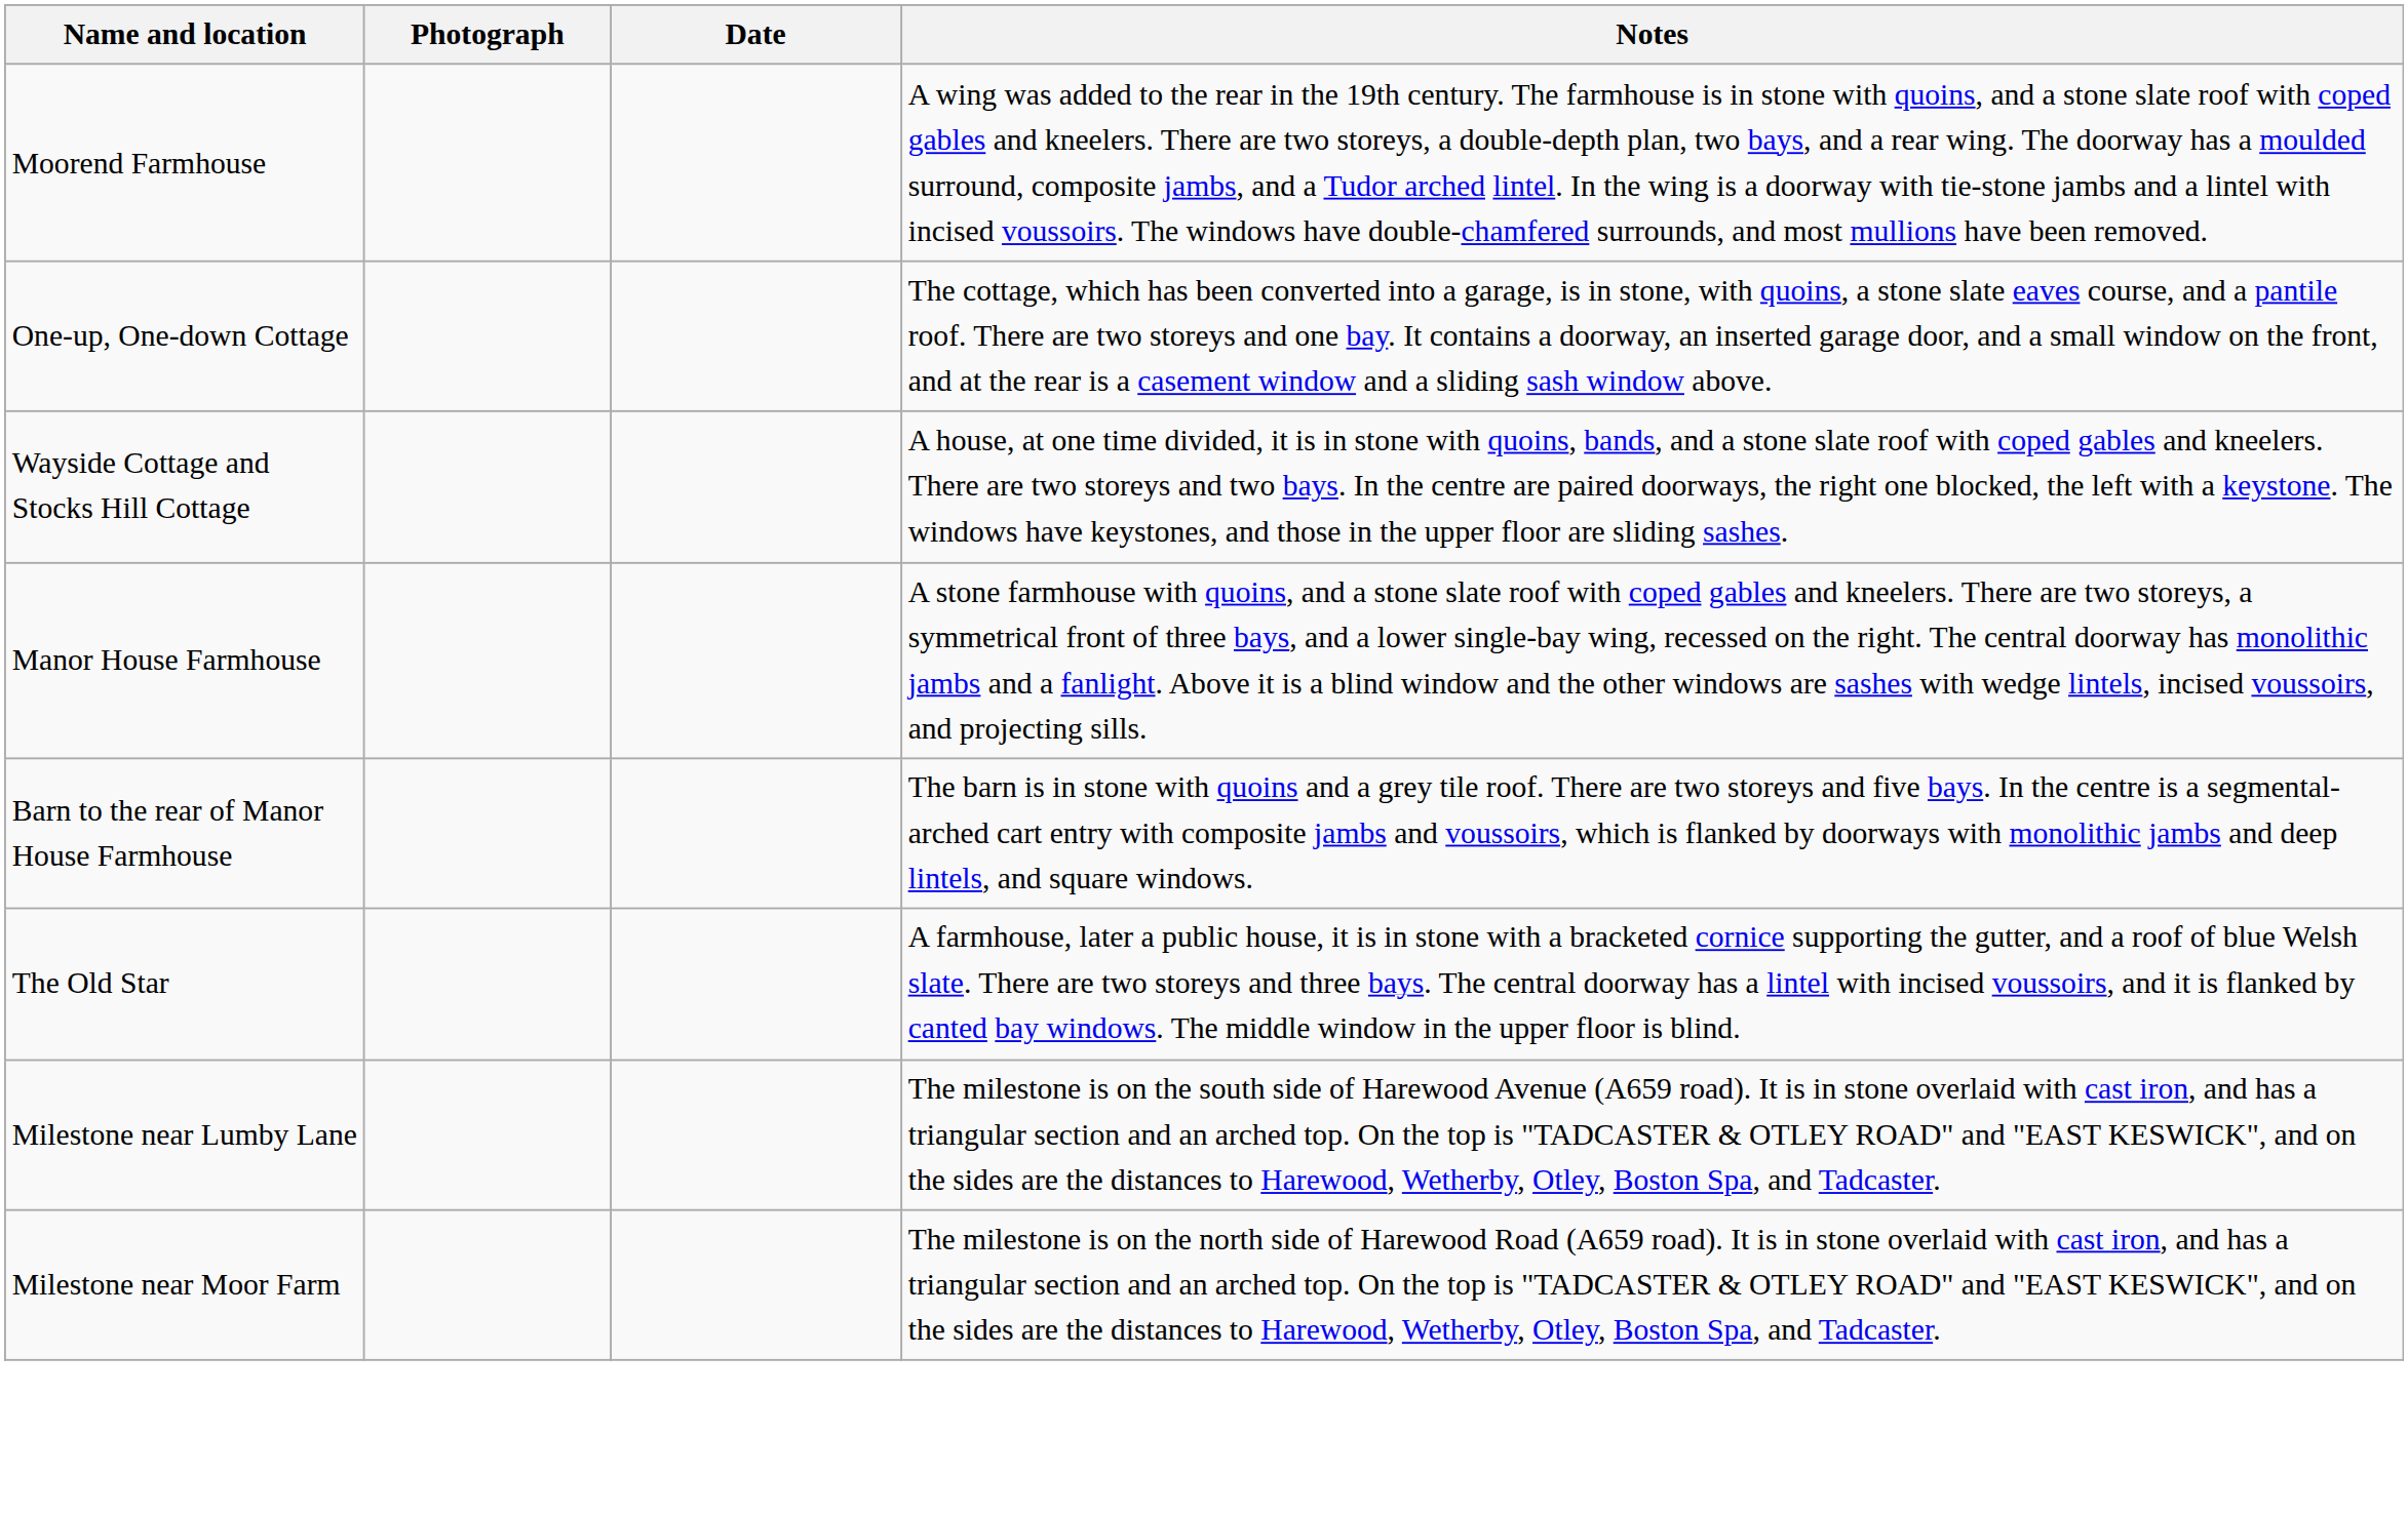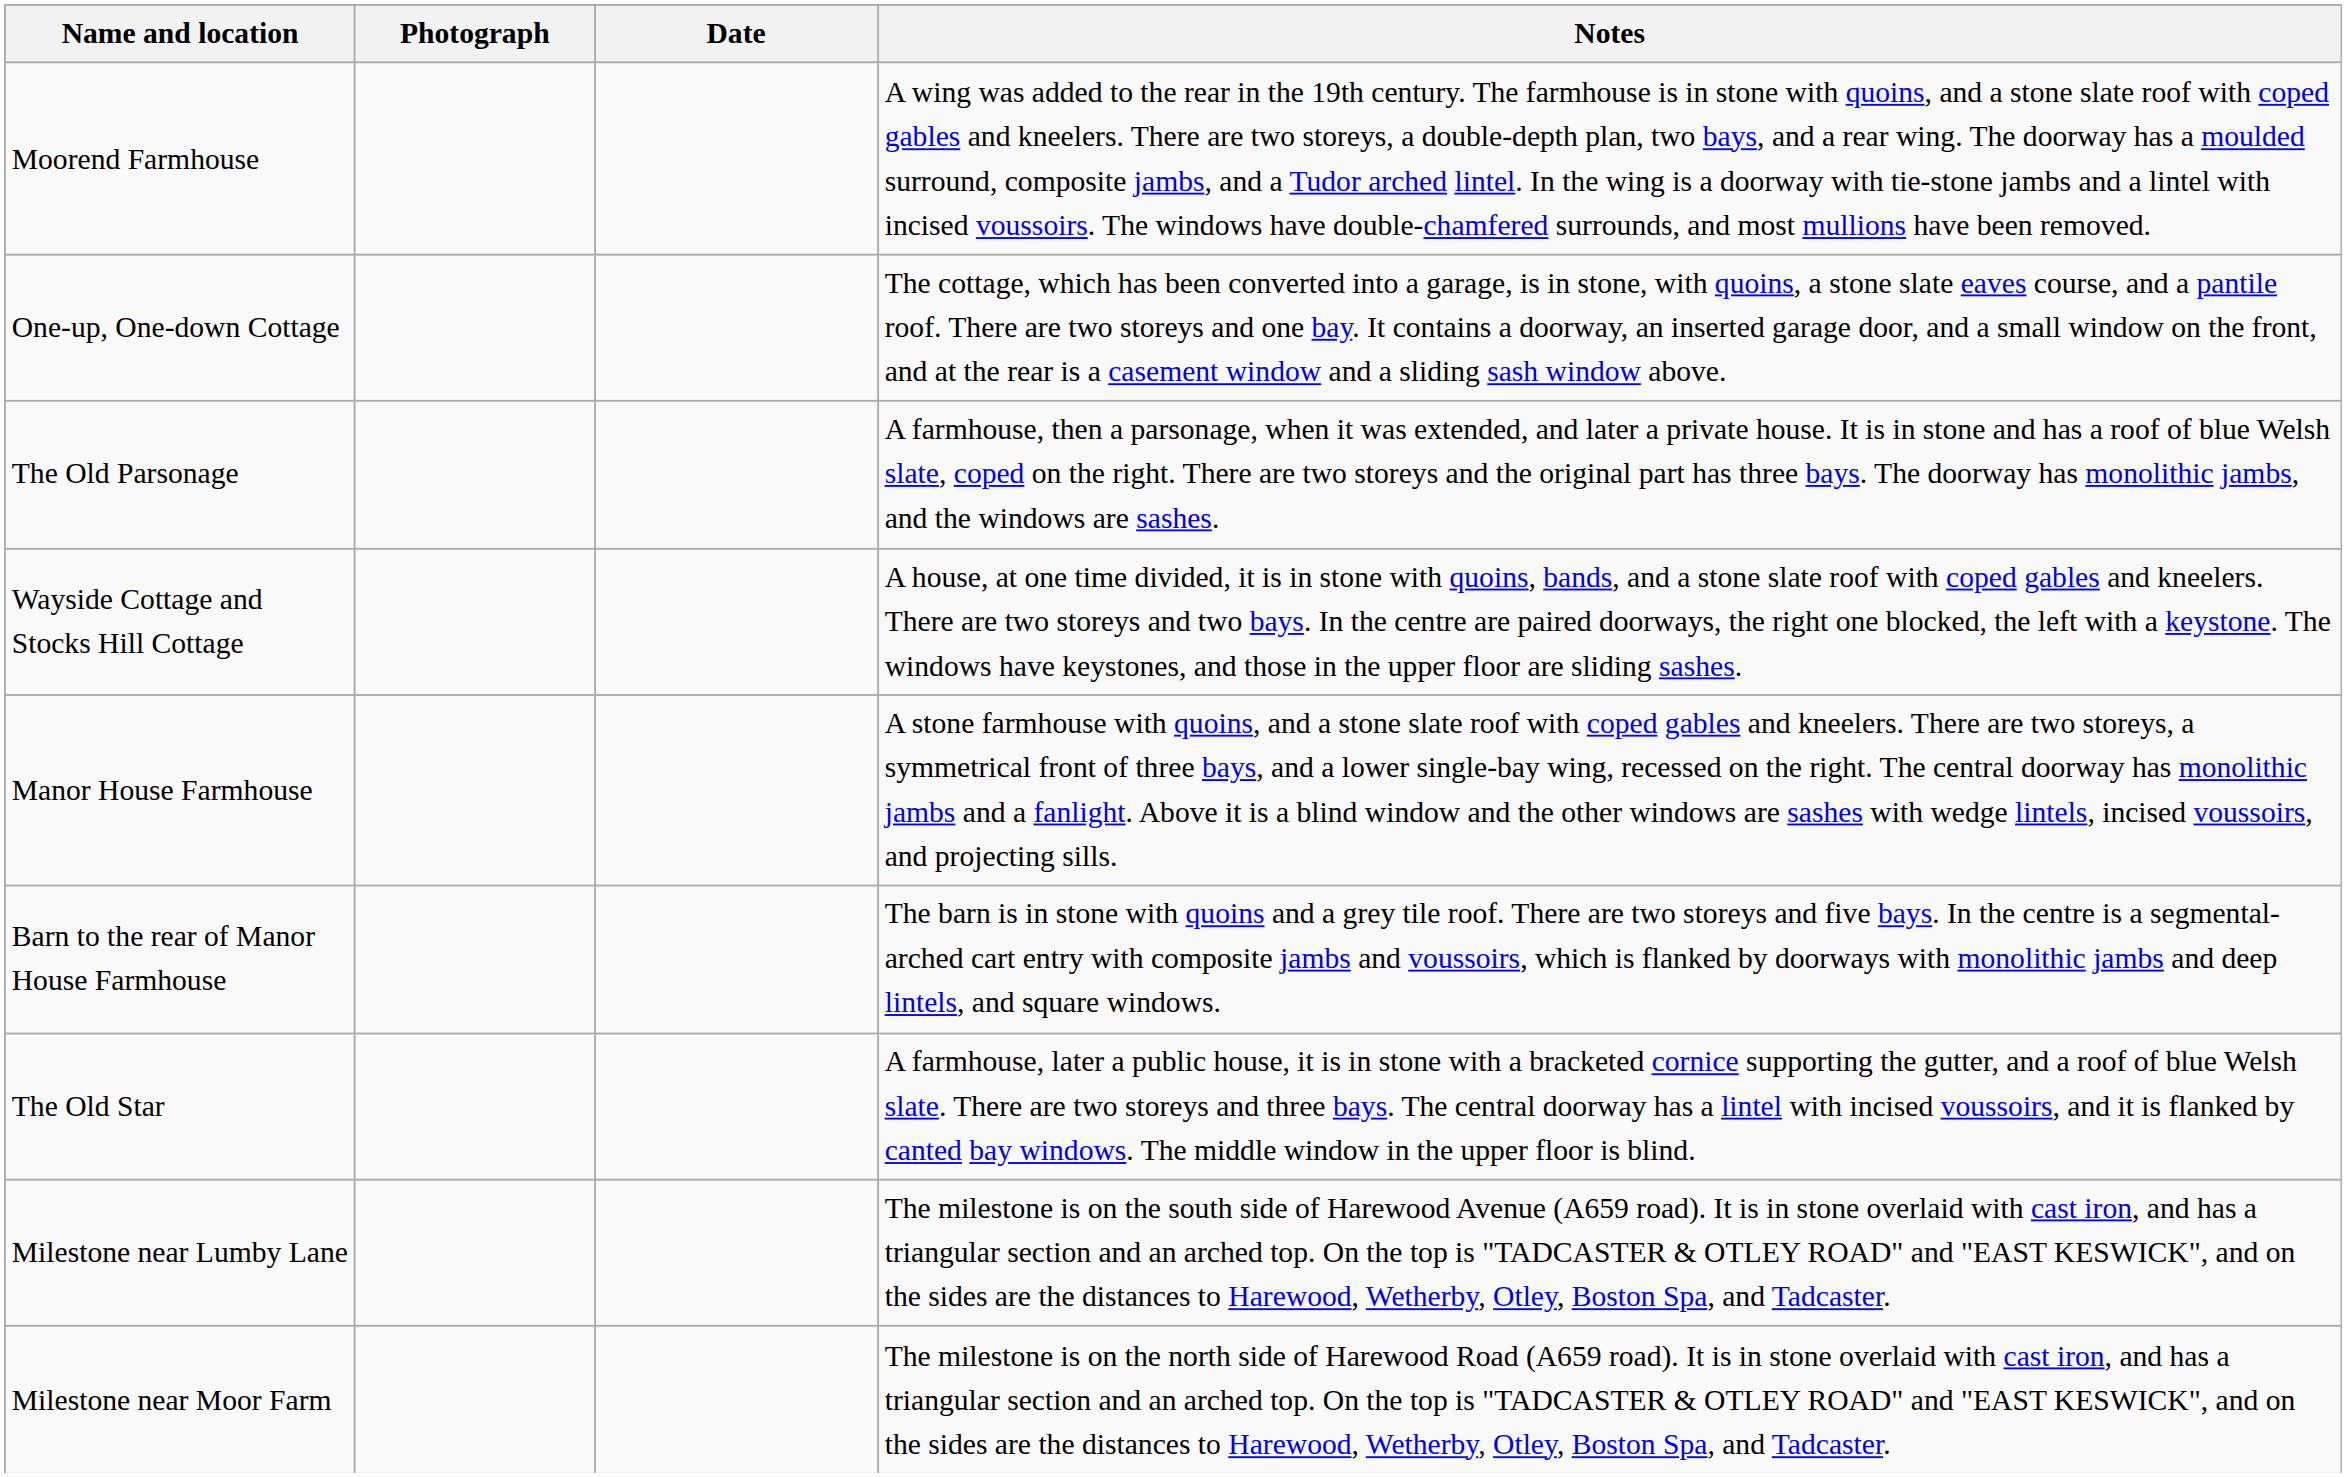 <table class="wikitable sortable plainrowheaders" style="width:100%;border:0px;text-align:left;line-height:150%;">
 <tr>
 <th scope="col"  style="width:150px">Name and location</th>
 <th scope="col"  style="width:100px" class="unsortable">Photograph</th>
 <th scope="col"  style="width:120px">Date</th>
 <th scope="col"  style="width:650px" class="unsortable">Notes</th>
 </tr>
 <tr>
 <td>Moorend Farmhouse<br><small></small></td>
 <td></td>
 <td align="center"></td>
 <td>A wing was added to the rear in the 19th century.  The farmhouse is in stone with <a href='#'>quoins</a>, and a stone slate roof with <a href='#'>coped</a> <a href='#'>gables</a> and kneelers.  There are two storeys, a double-depth plan, two <a href='#'>bays</a>, and a rear wing.  The doorway has a <a href='#'>moulded</a> surround, composite <a href='#'>jambs</a>, and a <a href='#'>Tudor arched</a> <a href='#'>lintel</a>.  In the wing is a doorway with tie-stone jambs and a lintel with incised <a href='#'>voussoirs</a>.  The windows have double-<a href='#'>chamfered</a> surrounds, and most <a href='#'>mullions</a> have been removed.</td>
 </tr>
 <tr>
 <td>One-up, One-down Cottage<br><small></small></td>
 <td></td>
 <td align="center"></td>
 <td>The cottage, which has been converted into a garage, is in stone, with <a href='#'>quoins</a>, a stone slate <a href='#'>eaves</a> course, and a <a href='#'>pantile</a> roof.  There are two storeys and one <a href='#'>bay</a>.  It contains a doorway, an inserted garage door, and a small window on the front, and at the rear is a <a href='#'>casement window</a> and a sliding <a href='#'>sash window</a> above.</td>
+</tr>
+<tr>
+<td>The Old Parsonage<br><small></small></td>
+<td></td>
+<td align="center"></td>
+<td>A farmhouse, then a parsonage, when it was extended, and later a private house.  It is in stone and has a roof of blue Welsh <a href='#'>slate</a>, <a href='#'>coped</a> on the right.  There are two storeys and the original part has three <a href='#'>bays</a>.  The doorway has <a href='#'>monolithic</a> <a href='#'>jambs</a>, and the windows are <a href='#'>sashes</a>.</td>
 </tr>
 <tr>
 <td>Wayside Cottage and Stocks Hill Cottage<br><small></small></td>
 <td></td>
 <td align="center"></td>
 <td>A house, at one time divided, it is in stone with <a href='#'>quoins</a>, <a href='#'>bands</a>, and a stone slate roof with <a href='#'>coped</a> <a href='#'>gables</a> and kneelers.  There are two storeys and two <a href='#'>bays</a>.  In the centre are paired doorways, the right one blocked, the left with a <a href='#'>keystone</a>.  The windows have keystones, and those in the upper floor are sliding <a href='#'>sashes</a>.</td>
 </tr>
 <tr>
 <td>Manor House Farmhouse<br><small></small></td>
 <td></td>
 <td align="center"></td>
 <td>A stone farmhouse with <a href='#'>quoins</a>, and a stone slate roof with <a href='#'>coped</a> <a href='#'>gables</a> and kneelers.  There are two storeys, a symmetrical front of three <a href='#'>bays</a>, and a lower single-bay wing, recessed on the right.  The central doorway has <a href='#'>monolithic</a> <a href='#'>jambs</a> and a <a href='#'>fanlight</a>.  Above it is a blind window and the other windows are <a href='#'>sashes</a> with wedge <a href='#'>lintels</a>, incised <a href='#'>voussoirs</a>, and projecting sills.</td>
 </tr>
 <tr>
 <td>Barn to the rear of Manor House Farmhouse<br><small></small></td>
 <td></td>
 <td align="center"></td>
 <td>The barn is in stone with <a href='#'>quoins</a> and a grey tile roof.  There are two storeys and five <a href='#'>bays</a>.  In the centre is a segmental-arched cart entry with composite <a href='#'>jambs</a> and <a href='#'>voussoirs</a>, which is flanked by doorways with <a href='#'>monolithic</a> <a href='#'>jambs</a> and deep <a href='#'>lintels</a>, and square windows.</td>
 </tr>
 <tr>
 <td>The Old Star<br><small></small></td>
 <td></td>
 <td align="center"></td>
 <td>A farmhouse, later a public house, it is in stone with a bracketed <a href='#'>cornice</a> supporting the gutter, and a roof of blue Welsh <a href='#'>slate</a>.  There are two storeys and three <a href='#'>bays</a>.  The central doorway has a <a href='#'>lintel</a> with incised <a href='#'>voussoirs</a>, and it is flanked by <a href='#'>canted</a> <a href='#'>bay windows</a>.  The middle window in the upper floor is blind.</td>
 </tr>
 <tr>
 <td>Milestone near Lumby Lane<br><small></small></td>
 <td></td>
 <td align="center"></td>
 <td>The milestone is on the south side of Harewood Avenue (A659 road).  It is in stone overlaid with <a href='#'>cast iron</a>, and has a triangular section and an arched top.  On the top is "TADCASTER & OTLEY ROAD" and  "EAST KESWICK", and on the sides are the distances to <a href='#'>Harewood</a>, <a href='#'>Wetherby</a>, <a href='#'>Otley</a>, <a href='#'>Boston Spa</a>, and <a href='#'>Tadcaster</a>.</td>
 </tr>
 <tr>
 <td>Milestone near Moor Farm<br><small></small></td>
 <td></td>
 <td align="center"></td>
 <td>The milestone is on the north side of Harewood Road (A659 road).  It is in stone overlaid with <a href='#'>cast iron</a>, and has a triangular section and an arched top.  On the top is "TADCASTER & OTLEY ROAD" and  "EAST KESWICK", and on the sides are the distances to <a href='#'>Harewood</a>, <a href='#'>Wetherby</a>, <a href='#'>Otley</a>, <a href='#'>Boston Spa</a>, and <a href='#'>Tadcaster</a>.</td>
 </tr>
 <tr>
 </tr>
 </table>
